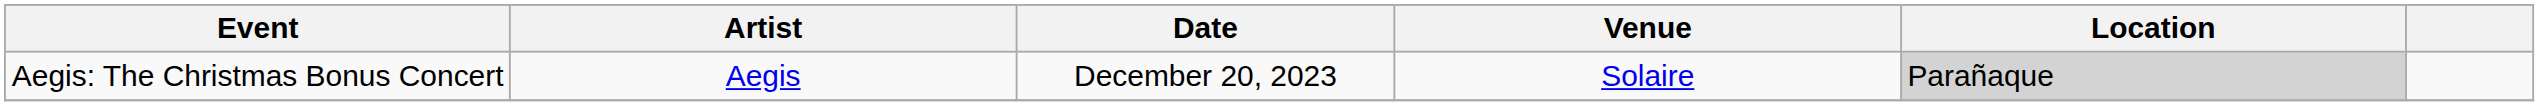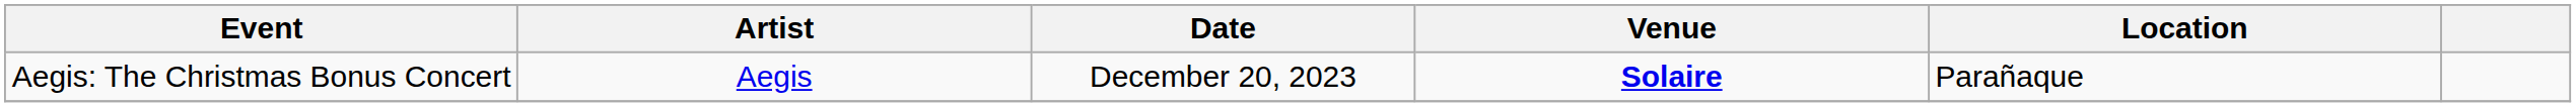 <table class="wikitable">
 <tr>
 <th width="20%">Event</th>
 <th width="20%">Artist</th>
 <th width="15%">Date</th>
 <th width="20%">Venue</th>
 <th width="20%">Location</th>
 <th width="5%"></th>
 </tr>
 <tr>
 <td>Aegis: The Christmas Bonus Concert</td>
 <td align="center"><a href='#'>Aegis</a></td>
 <td align="center">December 20, 2023</td>
-<td align="center"><a href='#'>Solaire</a></td>
-<td style="background: lightgrey;">Parañaque</td>
+<td align="center"><strong><a href='#'>Solaire</a></strong></td>
+<td>Parañaque</td>
 <td></td>
 </tr>
 <tr>
 </tr>
 </table>
